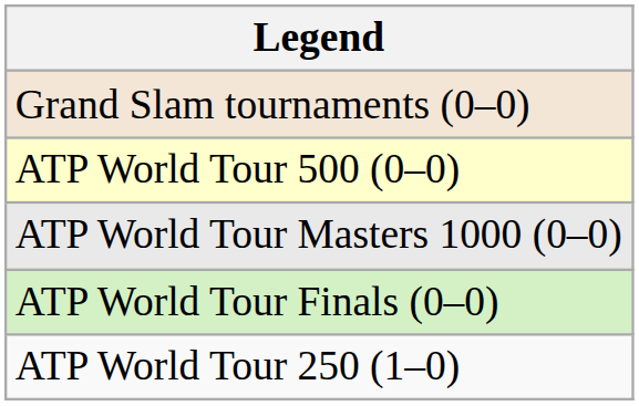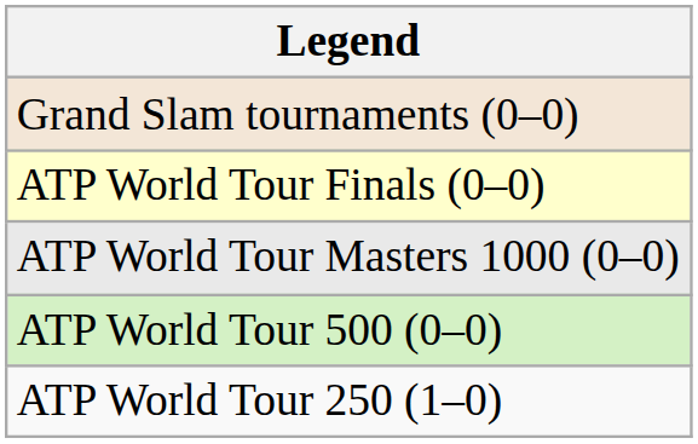 <table class="wikitable sortable mw-collapsible mw-collapsed">
 <tr>
 <th>Legend</th>
 </tr>
 <tr style="background:#f3e6d7;">
 <td>Grand Slam tournaments (0–0)</td>
 </tr>
 <tr style="background:#ffffcc;">
-<td>ATP World Tour 500 (0–0)</td>
+<td>ATP World Tour Finals (0–0)</td>
 </tr>
 <tr style="background:#e9e9e9;">
 <td>ATP World Tour Masters 1000 (0–0)</td>
 </tr>
 <tr style="background:#d4f1c5;">
-<td>ATP World Tour Finals (0–0)</td>
+<td>ATP World Tour 500 (0–0)</td>
 </tr>
 <tr>
 <td>ATP World Tour 250 (1–0)</td>
 </tr>
 </table>
